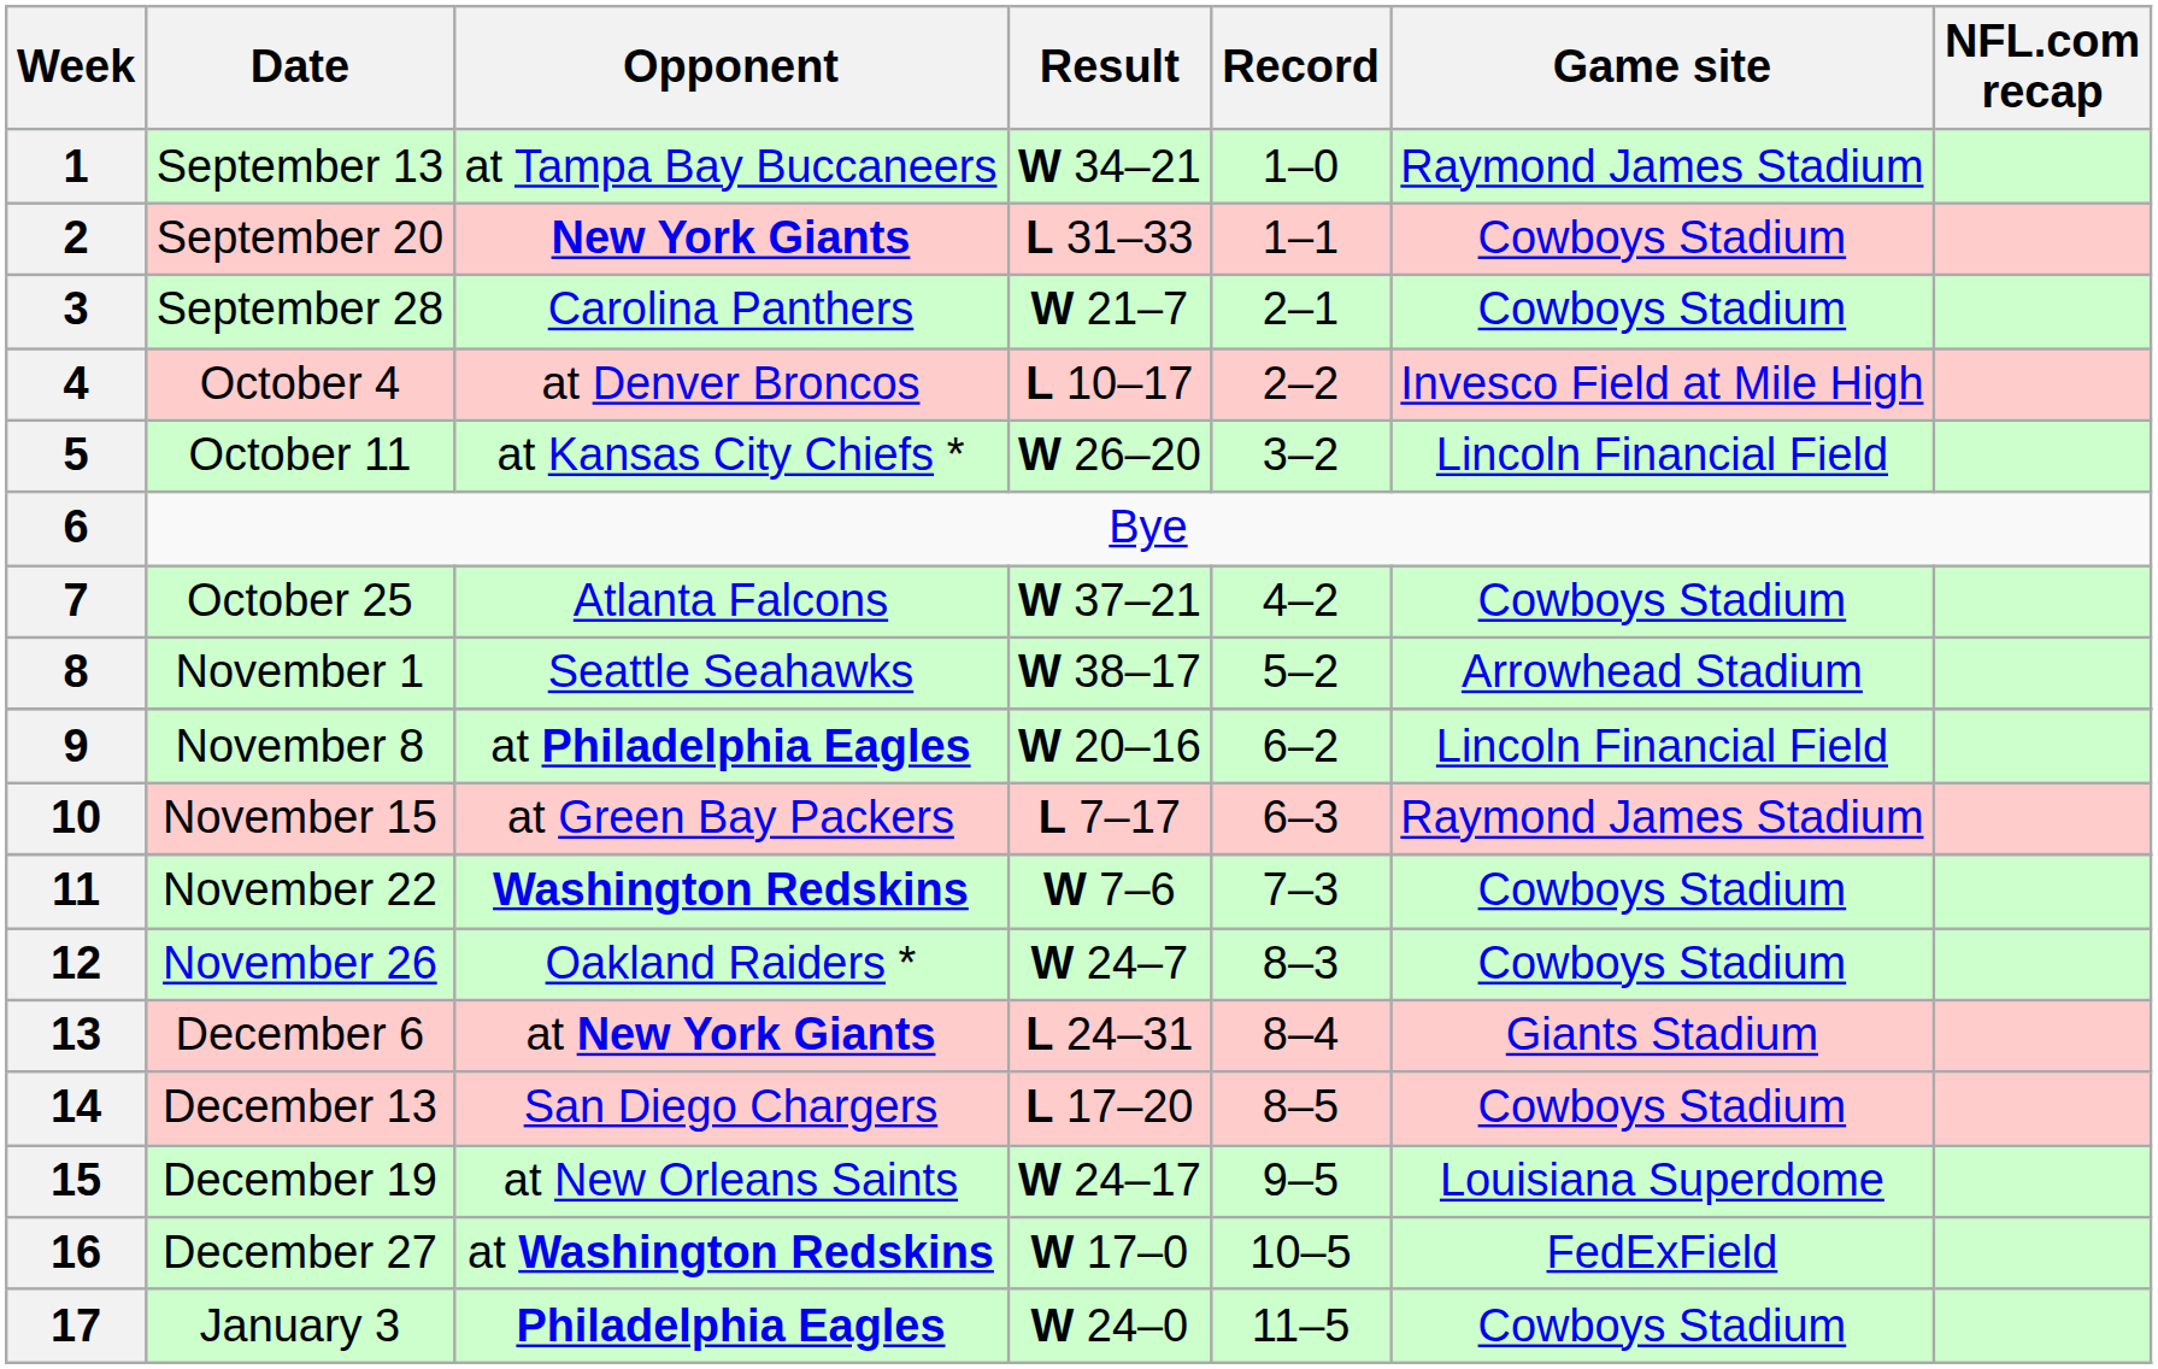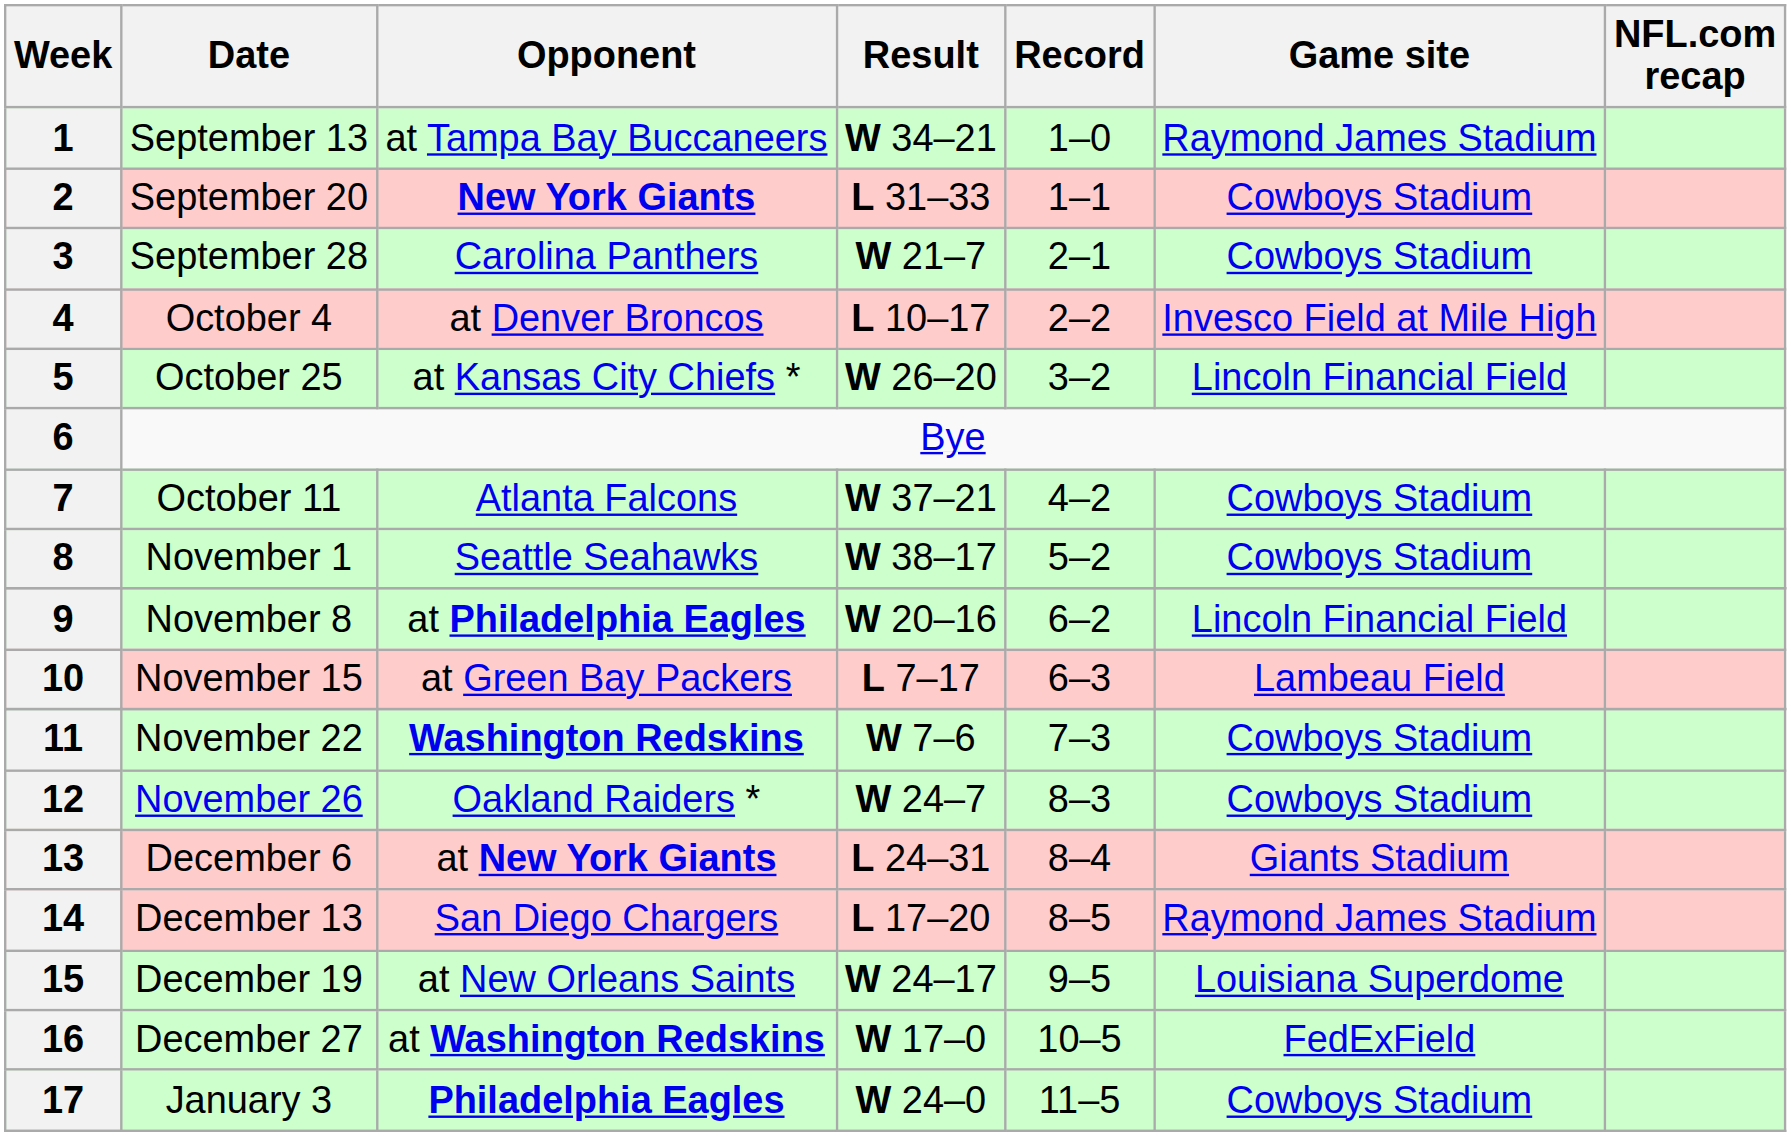 <table class="wikitable" "align=center">
 <tr>
 <th>Week</th>
 <th>Date</th>
 <th>Opponent</th>
 <th>Result</th>
 <th>Record</th>
 <th>Game site</th>
 <th>NFL.com<br>recap</th>
 </tr>
 <tr align="center" bgcolor="#ccffcc">
 <th align="center">1</th>
 <td align="center">September 13</td>
 <td align="center">at <a href='#'>Tampa Bay Buccaneers</a></td>
 <td align="center"><strong>W</strong> 34–21</td>
 <td align="center">1–0</td>
 <td align="center"><a href='#'>Raymond James Stadium</a></td>
 <td align="center"></td>
 </tr>
 <tr align="center" bgcolor="#ffcccc">
 <th align="center">2</th>
 <td align="center">September 20</td>
 <td align="center"><strong><a href='#'>New York Giants</a></strong></td>
 <td align="center"><strong>L</strong> 31–33</td>
 <td align="center">1–1</td>
 <td align="center"><a href='#'>Cowboys Stadium</a></td>
 <td align="center"></td>
 </tr>
 <tr align="center" bgcolor="#ccffcc">
 <th align="center">3</th>
 <td align="center">September 28</td>
 <td align="center"><a href='#'>Carolina Panthers</a></td>
 <td align="center"><strong>W</strong> 21–7</td>
 <td align="center">2–1</td>
 <td align="center"><a href='#'>Cowboys Stadium</a></td>
 <td align="center"></td>
 </tr>
 <tr align="center" bgcolor="#ffcccc">
 <th align="center">4</th>
 <td align="center">October 4</td>
 <td align="center">at <a href='#'>Denver Broncos</a></td>
 <td align="center"><strong>L</strong> 10–17</td>
 <td align="center">2–2</td>
 <td align="center"><a href='#'>Invesco Field at Mile High</a></td>
 <td align="center"></td>
 </tr>
 <tr align="center" bgcolor="#ccffcc">
 <th align="center">5</th>
-<td align="center">October 11</td>
+<td align="center">October 25</td>
 <td align="center">at <a href='#'>Kansas City Chiefs</a> *</td>
 <td align="center"><strong>W</strong> 26–20 </td>
 <td align="center">3–2</td>
 <td align="center"><a href='#'>Lincoln Financial Field</a></td>
 <td align="center"></td>
 </tr>
 <tr>
 <th align="center">6</th>
 <td colspan="9" align="center"><a href='#'>Bye</a></td>
 </tr>
 <tr align="center" bgcolor="#ccffcc">
 <th align="center">7</th>
-<td align="center">October 25</td>
+<td align="center">October 11</td>
 <td align="center"><a href='#'>Atlanta Falcons</a></td>
 <td align="center"><strong>W</strong> 37–21</td>
 <td align="center">4–2</td>
 <td align="center"><a href='#'>Cowboys Stadium</a></td>
 <td align="center"></td>
 </tr>
 <tr |-align="center" bgcolor="#ccffcc">
 <th align="center">8</th>
 <td align="center">November 1</td>
 <td align="center"><a href='#'>Seattle Seahawks</a></td>
 <td align="center"><strong>W</strong> 38–17</td>
 <td align="center">5–2</td>
-<td align="center"><a href='#'>Arrowhead Stadium</a></td>
+<td align="center"><a href='#'>Cowboys Stadium</a></td>
 <td align="center"></td>
 </tr>
 <tr>
 </tr>
 <tr align="center" bgcolor="#ccffcc">
 <th align="center">9</th>
 <td align="center">November 8</td>
 <td align="center">at <strong><a href='#'>Philadelphia Eagles</a></strong></td>
 <td align="center"><strong>W</strong> 20–16</td>
 <td align="center">6–2</td>
 <td align="center"><a href='#'>Lincoln Financial Field</a></td>
 <td align="center"></td>
 </tr>
 <tr align="center" bgcolor="#ffcccc">
 <th align="center">10</th>
 <td align="center">November 15</td>
 <td align="center">at <a href='#'>Green Bay Packers</a></td>
 <td align="center"><strong>L</strong> 7–17</td>
 <td align="center">6–3</td>
-<td align="center"><a href='#'>Raymond James Stadium</a></td>
+<td align="center"><a href='#'>Lambeau Field</a></td>
 <td align="center"></td>
 </tr>
 <tr>
 </tr>
 <tr align="center" bgcolor="#ccffcc">
 <th align="center">11</th>
 <td align="center">November 22</td>
 <td align="center"><strong><a href='#'>Washington Redskins</a></strong></td>
 <td align="center"><strong>W</strong> 7–6</td>
 <td align="center">7–3</td>
 <td align="center"><a href='#'>Cowboys Stadium</a></td>
 <td align="center"></td>
 </tr>
 <tr align="center" bgcolor="#ccffcc">
 <th align="center">12</th>
 <td align="center"><a href='#'>November 26</a></td>
 <td align="center"><a href='#'>Oakland Raiders</a> *</td>
 <td align="center"><strong>W</strong> 24–7</td>
 <td align="center">8–3</td>
 <td align="center"><a href='#'>Cowboys Stadium</a></td>
 <td align="center"></td>
 </tr>
 <tr align="center" bgcolor="#ffcccc">
 <th align="center">13</th>
 <td align="center">December 6</td>
 <td align="center">at <strong><a href='#'>New York Giants</a></strong></td>
 <td align="center"><strong>L</strong> 24–31</td>
 <td align="center">8–4</td>
 <td align="center"><a href='#'>Giants Stadium</a></td>
 <td align="center"></td>
 </tr>
 <tr align="center" bgcolor="#ffcccc">
 <th align="center">14</th>
 <td align="center">December 13</td>
 <td align="center"><a href='#'>San Diego Chargers</a></td>
 <td align="center"><strong>L</strong> 17–20</td>
 <td align="center">8–5</td>
-<td align="center"><a href='#'>Cowboys Stadium</a></td>
+<td align="center"><a href='#'>Raymond James Stadium</a></td>
 <td align="center"></td>
 </tr>
 <tr align="center" bgcolor="#ccffcc">
 <th align="center">15</th>
 <td align="center">December 19</td>
 <td align="center">at <a href='#'>New Orleans Saints</a></td>
 <td align="center"><strong>W</strong> 24–17</td>
 <td align="center">9–5</td>
 <td align="center"><a href='#'>Louisiana Superdome</a></td>
 <td align="center"></td>
 </tr>
 <tr align="center" bgcolor="#ccffcc">
 <th align="center">16</th>
 <td align="center">December 27</td>
 <td align="center">at <strong><a href='#'>Washington Redskins</a></strong></td>
 <td align="center"><strong>W</strong> 17–0</td>
 <td align="center">10–5</td>
 <td align="center"><a href='#'>FedExField</a></td>
 <td align="center"></td>
 </tr>
 <tr align="center" bgcolor="#ccffcc">
 <th align="center">17</th>
 <td align="center">January 3</td>
 <td align="center"><strong><a href='#'>Philadelphia Eagles</a></strong></td>
 <td align="center"><strong>W</strong> 24–0</td>
 <td align="center">11–5</td>
 <td align="center"><a href='#'>Cowboys Stadium</a></td>
 <td align="center"></td>
 </tr>
 <tr>
 </tr>
 </table>
